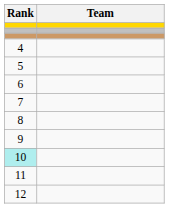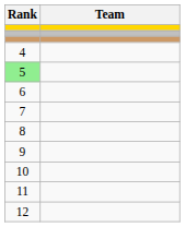 <table class="wikitable">
 <tr>
 <th>Rank</th>
 <th width=170>Team</th>
 </tr>
 <tr bgcolor=gold>
 <td align=center></td>
 <td></td>
 </tr>
 <tr bgcolor=silver>
 <td align=center></td>
 <td></td>
 </tr>
 <tr bgcolor=#cc9966>
 <td align=center></td>
 <td></td>
 </tr>
 <tr>
 <td align=center>4</td>
 <td></td>
 </tr>
 <tr>
-<td align=center>5</td>
+<td align=center style="background: lightgreen;">5</td>
 <td></td>
 </tr>
 <tr>
 <td align=center>6</td>
 <td></td>
 </tr>
 <tr>
 <td align=center>7</td>
 <td></td>
 </tr>
 <tr>
 <td align=center>8</td>
 <td></td>
 </tr>
 <tr>
 <td align=center>9</td>
 <td></td>
 </tr>
 <tr>
-<td align=center style="background: paleturquoise;">10</td>
+<td align=center>10</td>
 <td></td>
 </tr>
 <tr>
 <td align=center>11</td>
 <td></td>
 </tr>
 <tr>
 <td align=center>12</td>
 <td></td>
 </tr>
 </table>
